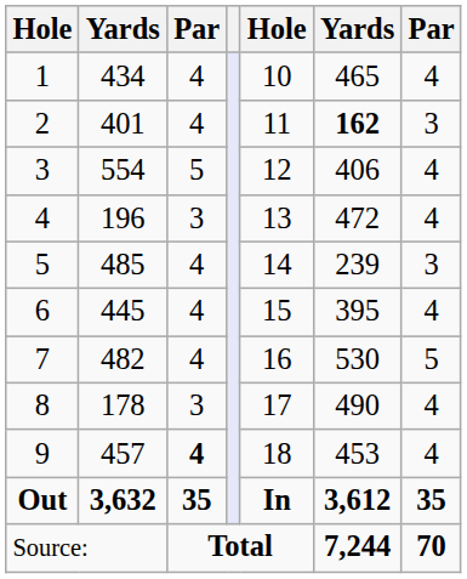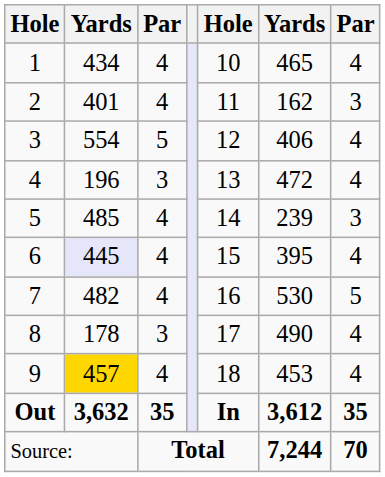 <table class="wikitable" style="text-align:center; font-size:100%;">
 <tr>
 <th>Hole</th>
 <th>Yards</th>
 <th>Par</th>
 <th></th>
 <th>Hole</th>
 <th>Yards</th>
 <th>Par</th>
 </tr>
 <tr>
 <td>1</td>
 <td>434</td>
 <td>4</td>
 <td rowspan=10 style="background:#E6E8FA;"></td>
 <td>10</td>
 <td>465</td>
 <td>4</td>
 </tr>
 <tr>
 <td>2</td>
 <td>401</td>
 <td>4</td>
 <td>11</td>
-<td><strong>162</strong></td>
+<td>162</td>
 <td>3</td>
 </tr>
 <tr>
 <td>3</td>
 <td>554</td>
 <td>5</td>
 <td>12</td>
 <td>406</td>
 <td>4</td>
 </tr>
 <tr>
 <td>4</td>
 <td>196</td>
 <td>3</td>
 <td>13</td>
 <td>472</td>
 <td>4</td>
 </tr>
 <tr>
 <td>5</td>
 <td>485</td>
 <td>4</td>
 <td>14</td>
 <td>239</td>
 <td>3</td>
 </tr>
 <tr>
 <td>6</td>
-<td>445</td>
+<td style="background: lavender;">445</td>
 <td>4</td>
 <td>15</td>
 <td>395</td>
 <td>4</td>
 </tr>
 <tr>
 <td>7</td>
 <td>482</td>
 <td>4</td>
 <td>16</td>
 <td>530</td>
 <td>5</td>
 </tr>
 <tr>
 <td>8</td>
 <td>178</td>
 <td>3</td>
 <td>17</td>
 <td>490</td>
 <td>4</td>
 </tr>
 <tr>
 <td>9</td>
-<td>457</td>
-<td><strong>4</strong></td>
+<td style="background: gold;">457</td>
+<td>4</td>
 <td>18</td>
 <td>453</td>
 <td>4</td>
 </tr>
 <tr>
 <td><strong>Out</strong></td>
 <td><strong>3,632</strong></td>
 <td><strong>35</strong></td>
 <td><strong>In</strong></td>
 <td><strong>3,612</strong></td>
 <td><strong>35</strong></td>
 </tr>
 <tr>
 <td colspan=2 align=left><small>Source:</small></td>
 <td colspan=3><strong>Total</strong></td>
 <td><strong>7,244</strong></td>
 <td><strong>70</strong></td>
 </tr>
 </table>
